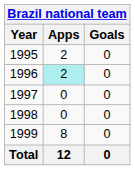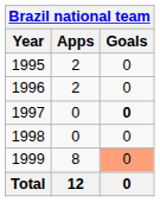 <table class="wikitable" style="text-align:center">
 <tr>
 <th colspan=3><a href='#'>Brazil national team</a></th>
 </tr>
 <tr>
 <th>Year</th>
 <th>Apps</th>
 <th>Goals</th>
 </tr>
 <tr>
 <td>1995</td>
 <td>2</td>
 <td>0</td>
 </tr>
 <tr>
 <td>1996</td>
-<td style="background: paleturquoise;">2</td>
+<td>2</td>
 <td>0</td>
 </tr>
 <tr>
 <td>1997</td>
 <td>0</td>
-<td>0</td>
+<td><strong>0</strong></td>
 </tr>
 <tr>
 <td>1998</td>
 <td>0</td>
 <td>0</td>
 </tr>
 <tr>
 <td>1999</td>
 <td>8</td>
-<td>0</td>
+<td style="background: lightsalmon;">0</td>
 </tr>
 <tr>
 <th>Total</th>
 <th>12</th>
 <th>0</th>
 </tr>
 </table>
